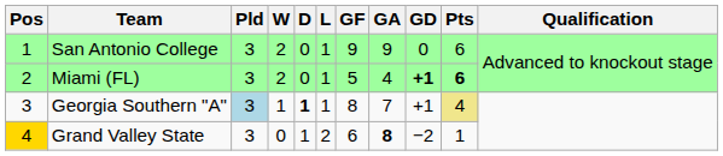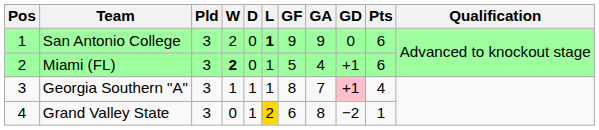 <table class="wikitable" style="text-align:center">
 <tr>
 <th>Pos</th>
 <th>Team</th>
 <th>Pld</th>
 <th>W</th>
 <th>D</th>
 <th>L</th>
 <th>GF</th>
 <th>GA</th>
 <th>GD</th>
 <th>Pts</th>
 <th>Qualification</th>
 </tr>
 <tr bgcolor="#9eff9e">
 <td>1</td>
 <td style="text-align:left">San Antonio College</td>
 <td>3</td>
 <td>2</td>
 <td>0</td>
-<td>1</td>
+<td><strong>1</strong></td>
 <td>9</td>
 <td>9</td>
 <td>0</td>
 <td>6</td>
 <td rowspan="2">Advanced to knockout stage</td>
 </tr>
 <tr bgcolor="#9eff9e">
 <td>2</td>
 <td style="text-align:left">Miami (FL)</td>
 <td>3</td>
-<td>2</td>
+<td><strong>2</strong></td>
 <td>0</td>
 <td>1</td>
 <td>5</td>
 <td>4</td>
-<td><strong>+1</strong></td>
-<td><strong>6</strong></td>
+<td>+1</td>
+<td>6</td>
 </tr>
 <tr>
 <td>3</td>
 <td style="text-align:left">Georgia Southern "A"</td>
-<td style="background: lightblue;">3</td>
+<td>3</td>
 <td>1</td>
-<td><strong>1</strong></td>
+<td>1</td>
 <td>1</td>
 <td>8</td>
 <td>7</td>
-<td>+1</td>
-<td style="background: khaki;">4</td>
+<td style="background: pink;">+1</td>
+<td>4</td>
 <td rowspan="2"></td>
 </tr>
 <tr>
-<td style="background: gold;">4</td>
+<td>4</td>
 <td style="text-align:left">Grand Valley State</td>
 <td>3</td>
 <td>0</td>
 <td>1</td>
-<td>2</td>
+<td style="background: gold;">2</td>
 <td>6</td>
-<td><strong>8</strong></td>
+<td>8</td>
 <td>−2</td>
 <td>1</td>
 </tr>
 </table>
